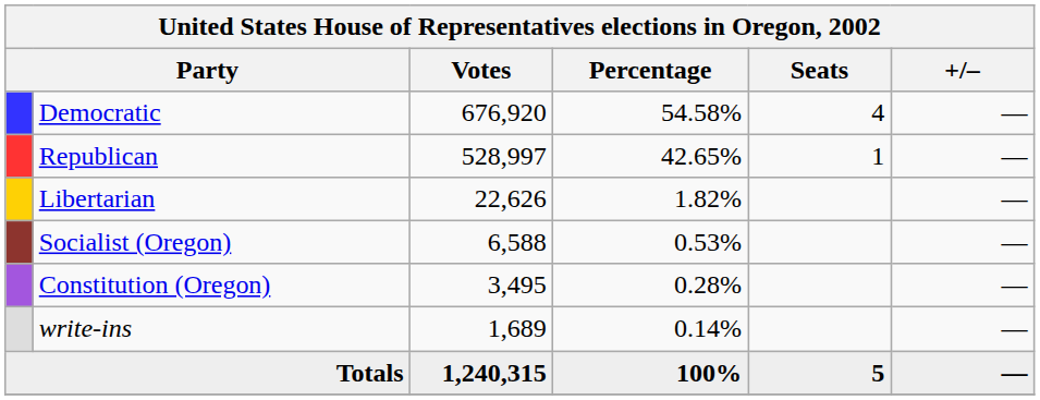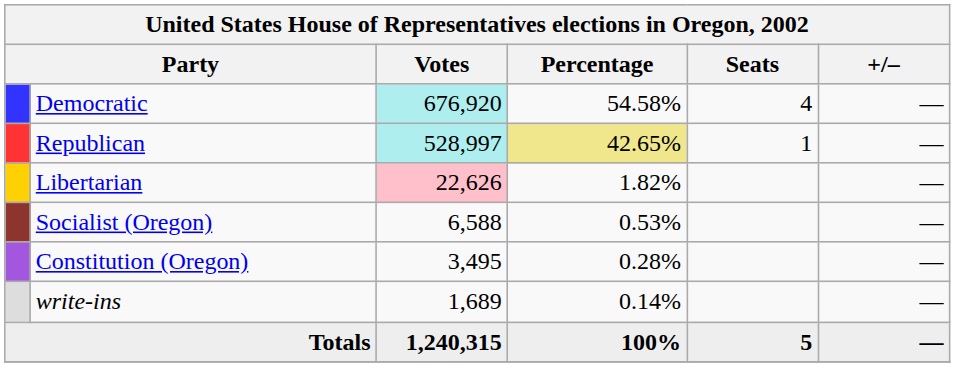 <table class="wikitable" style="font-size: 95%;">
 <tr>
 <th colspan="6">United States House of Representatives elections in Oregon, 2002</th>
 </tr>
 <tr>
 <th colspan=2 style="width: 15em">Party</th>
 <th style="width: 5em">Votes</th>
 <th style="width: 7em">Percentage</th>
 <th style="width: 5em">Seats</th>
 <th style="width: 5em">+/–</th>
 </tr>
 <tr>
 <th style="background-color:#3333FF; width: 3px"></th>
 <td style="width: 130px"><a href='#'>Democratic</a></td>
-<td align="right">676,920</td>
+<td align="right" style="background: paleturquoise;">676,920</td>
 <td align="right">54.58%</td>
 <td align="right">4</td>
 <td align="right">—</td>
 </tr>
 <tr>
 <th style="background-color:#FF3333; width: 3px"></th>
 <td style="width: 130px"><a href='#'>Republican</a></td>
-<td align="right">528,997</td>
-<td align="right">42.65%</td>
+<td align="right" style="background: paleturquoise;">528,997</td>
+<td align="right" style="background: khaki;">42.65%</td>
 <td align="right">1</td>
 <td align="right">—</td>
 </tr>
 <tr>
 <th style="background-color:#FED105; width: 3px"></th>
 <td style="width: 130px"><a href='#'>Libertarian</a></td>
-<td align="right">22,626</td>
+<td align="right" style="background: pink;">22,626</td>
 <td align="right">1.82%</td>
 <td align="right"></td>
 <td align="right">—</td>
 </tr>
 <tr>
 <th style="background-color:#8D342E; width: 3px"></th>
 <td style="width: 130px"><a href='#'>Socialist (Oregon)</a></td>
 <td align="right">6,588</td>
 <td align="right">0.53%</td>
 <td align="right"></td>
 <td align="right">—</td>
 </tr>
 <tr>
 <th style="background-color:#A356DE; width: 3px"></th>
 <td style="width: 130px"><a href='#'>Constitution (Oregon)</a></td>
 <td align="right">3,495</td>
 <td align="right">0.28%</td>
 <td align="right"></td>
 <td align="right">—</td>
 </tr>
 <tr>
 <th style="background-color:#DDDDDD; width: 3px"></th>
 <td style="width: 130px"><em>write-ins</em></td>
 <td align="right">1,689</td>
 <td align="right">0.14%</td>
 <td align="right"></td>
 <td align="right">—</td>
 </tr>
 <tr bgcolor="#EEEEEE">
 <td colspan="2" align="right"><strong>Totals</strong></td>
 <td align="right"><strong>1,240,315</strong></td>
 <td align="right"><strong>100%</strong></td>
 <td align="right"><strong>5</strong></td>
 <td align="right"><strong>—</strong></td>
 </tr>
 <tr bgcolor="#EEEEEE">
 </tr>
 </table>
